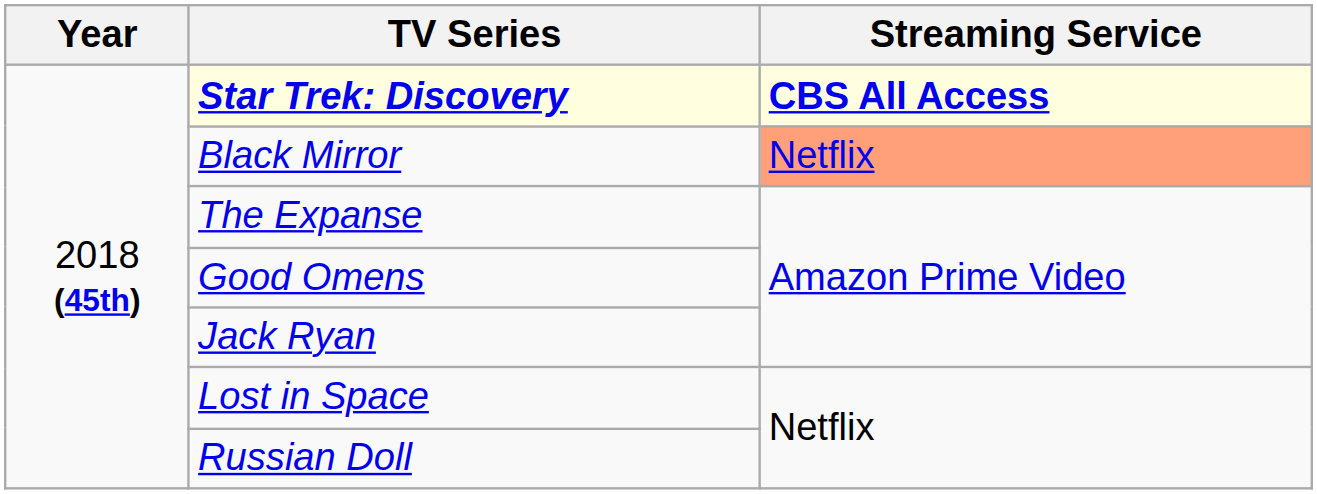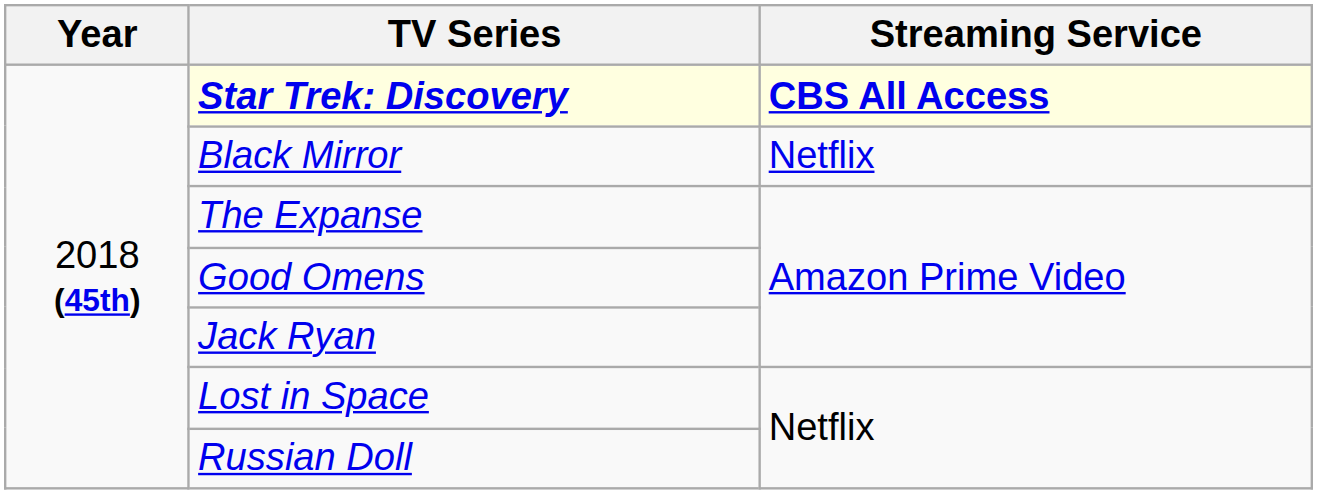 <table class="wikitable" width="550px" border="1" cellpadding="5" cellspacing="0" align="centre">
 <tr>
 <th width="70px">Year</th>
 <th>TV Series</th>
 <th>Streaming Service</th>
 </tr>
 <tr>
 <td rowspan=7 style="text-align: center;">2018<br><small><strong>(<a href='#'>45th</a>)</strong></small></td>
 <td style="background:lightyellow"><strong><em><a href='#'>Star Trek: Discovery</a></em></strong></td>
 <td style="background:lightyellow"><strong><a href='#'>CBS All Access</a></strong></td>
 </tr>
 <tr>
 <td><em><a href='#'>Black Mirror</a></em></td>
-<td style="background: lightsalmon;"><a href='#'>Netflix</a></td>
+<td><a href='#'>Netflix</a></td>
 </tr>
 <tr>
 <td><em><a href='#'>The Expanse</a></em></td>
 <td rowspan="3"><a href='#'>Amazon Prime Video</a></td>
 </tr>
 <tr>
 <td><em><a href='#'>Good Omens</a></em></td>
 </tr>
 <tr>
 <td><em><a href='#'>Jack Ryan</a></em></td>
 </tr>
 <tr>
 <td><em><a href='#'>Lost in Space</a></em></td>
 <td rowspan="2">Netflix</td>
 </tr>
 <tr>
 <td><em><a href='#'>Russian Doll</a></em></td>
 </tr>
 </table>
